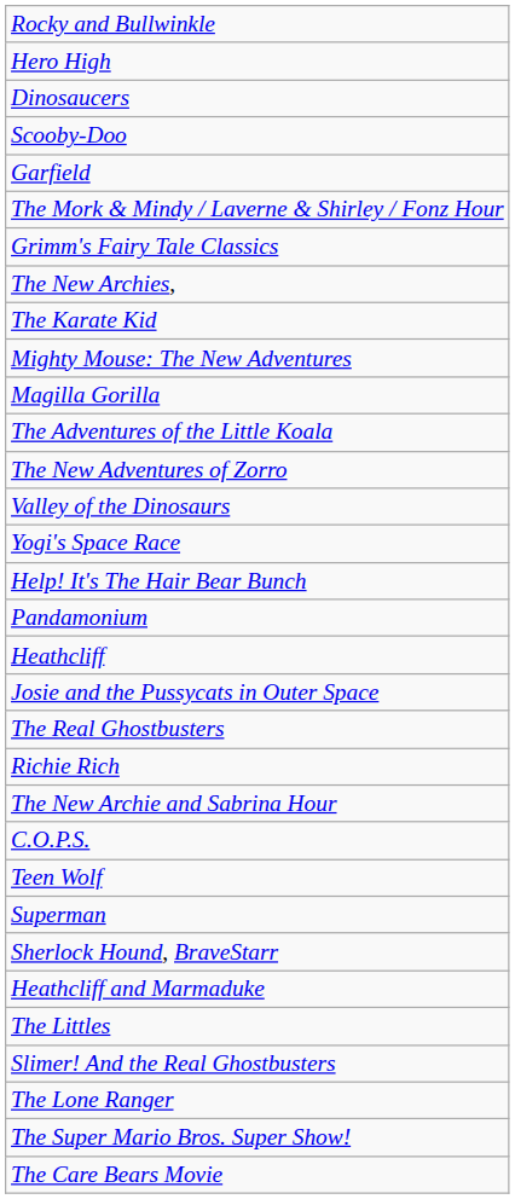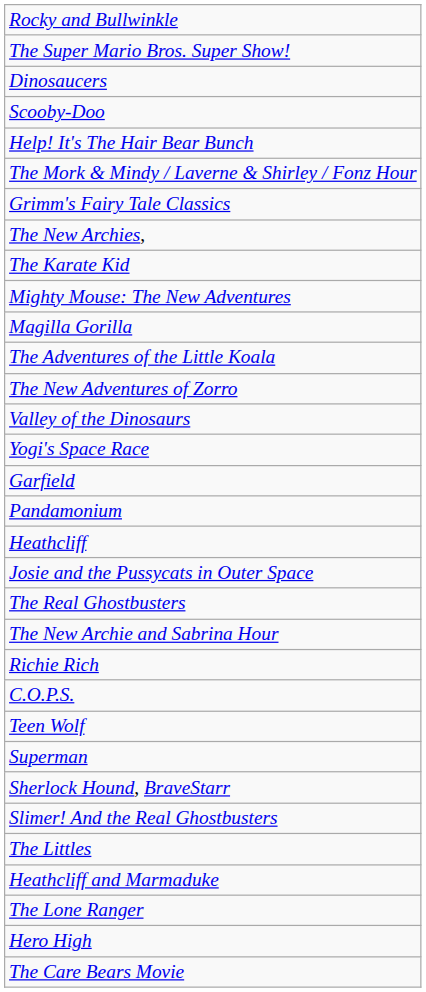 <table class="wikitable">
 <tr>
 <td><em><a href='#'>Rocky and Bullwinkle</a></em></td>
 </tr>
 <tr>
-<td><em><a href='#'>Hero High</a></em></td>
+<td><em><a href='#'>The Super Mario Bros. Super Show!</a></em></td>
 </tr>
 <tr>
 <td><em><a href='#'>Dinosaucers</a></em></td>
 </tr>
 <tr>
 <td><em><a href='#'>Scooby-Doo</a></em></td>
 </tr>
 <tr>
-<td><em><a href='#'>Garfield</a></em></td>
+<td><em><a href='#'>Help! It's The Hair Bear Bunch</a></em></td>
 </tr>
 <tr>
 <td><em><a href='#'>The Mork & Mindy / Laverne & Shirley / Fonz Hour</a></em></td>
 </tr>
 <tr>
 <td><em><a href='#'>Grimm's Fairy Tale Classics</a></em></td>
 </tr>
 <tr>
 <td><em><a href='#'>The New Archies</a></em>,</td>
 </tr>
 <tr>
 <td><em><a href='#'>The Karate Kid</a></em></td>
 </tr>
 <tr>
 <td><em><a href='#'>Mighty Mouse: The New Adventures</a></em></td>
 </tr>
 <tr>
 <td><em><a href='#'>Magilla Gorilla</a></em></td>
 </tr>
 <tr>
 <td><em><a href='#'>The Adventures of the Little Koala</a></em></td>
 </tr>
 <tr>
 <td><em><a href='#'>The New Adventures of Zorro</a></em></td>
 </tr>
 <tr>
 <td><em><a href='#'>Valley of the Dinosaurs</a></em></td>
 </tr>
 <tr>
 <td><em><a href='#'>Yogi's Space Race</a></em></td>
 </tr>
 <tr>
-<td><em><a href='#'>Help! It's The Hair Bear Bunch</a></em></td>
+<td><em><a href='#'>Garfield</a></em></td>
 </tr>
 <tr>
 <td><em><a href='#'>Pandamonium</a></em></td>
 </tr>
 <tr>
 <td><em><a href='#'>Heathcliff</a></em></td>
 </tr>
 <tr>
 <td><em><a href='#'>Josie and the Pussycats in Outer Space</a></em></td>
 </tr>
 <tr>
 <td><em><a href='#'>The Real Ghostbusters</a></em></td>
 </tr>
 <tr>
-<td><em><a href='#'>Richie Rich</a></em></td>
+<td><em><a href='#'>The New Archie and Sabrina Hour</a></em></td>
 </tr>
 <tr>
-<td><em><a href='#'>The New Archie and Sabrina Hour</a></em></td>
+<td><em><a href='#'>Richie Rich</a></em></td>
 </tr>
 <tr>
 <td><em><a href='#'>C.O.P.S.</a></em></td>
 </tr>
 <tr>
 <td><em><a href='#'>Teen Wolf</a></em></td>
 </tr>
 <tr>
 <td><em><a href='#'>Superman</a></em></td>
 </tr>
 <tr>
 <td><em><a href='#'>Sherlock Hound</a></em>, <em><a href='#'>BraveStarr</a></em></td>
 </tr>
 <tr>
-<td><em><a href='#'>Heathcliff and Marmaduke</a></em></td>
+<td><em><a href='#'>Slimer! And the Real Ghostbusters</a></em></td>
 </tr>
 <tr>
 <td><em><a href='#'>The Littles</a></em></td>
 </tr>
 <tr>
-<td><em><a href='#'>Slimer! And the Real Ghostbusters</a></em></td>
+<td><em><a href='#'>Heathcliff and Marmaduke</a></em></td>
 </tr>
 <tr>
 <td><em><a href='#'>The Lone Ranger</a></em></td>
 </tr>
 <tr>
-<td><em><a href='#'>The Super Mario Bros. Super Show!</a></em></td>
+<td><em><a href='#'>Hero High</a></em></td>
 </tr>
 <tr>
 <td><em><a href='#'>The Care Bears Movie</a></em></td>
 </tr>
 </table>
